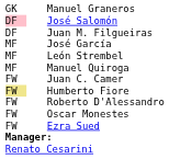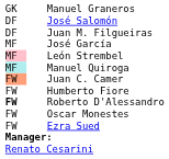 <table style="font-size:90%; margin:0.2em auto;" cellspacing="0" cellpadding="0">
 <tr>
 <th width="25"></th>
 <th width="25"></th>
 </tr>
 <tr>
 <td>GK</td>
 <td></td>
 <td> Manuel Graneros</td>
 </tr>
 <tr>
-<td style="background: pink;">DF</td>
+<td>DF</td>
 <td></td>
 <td> <a href='#'>José Salomón</a></td>
 </tr>
 <tr>
 <td>DF</td>
 <td></td>
 <td> Juan M. Filgueiras</td>
 </tr>
 <tr>
 <td>MF</td>
 <td></td>
 <td> José García</td>
 </tr>
 <tr>
-<td>MF</td>
+<td style="background: pink;">MF</td>
 <td></td>
 <td> León Strembel</td>
 </tr>
 <tr>
-<td>MF</td>
+<td style="background: paleturquoise;">MF</td>
 <td></td>
 <td> Manuel Quiroga</td>
 </tr>
 <tr>
-<td>FW</td>
+<td style="background: lightsalmon;">FW</td>
 <td></td>
 <td> Juan C. Camer</td>
 </tr>
 <tr>
-<td style="background: khaki;">FW</td>
+<td>FW</td>
 <td></td>
 <td> Humberto Fiore</td>
 </tr>
 <tr>
-<td>FW</td>
+<td><strong>FW</strong></td>
 <td></td>
 <td> Roberto D'Alessandro</td>
 </tr>
 <tr>
 <td>FW</td>
 <td></td>
 <td> Oscar Monestes</td>
 </tr>
 <tr>
 <td>FW</td>
 <td></td>
 <td> <a href='#'>Ezra Sued</a></td>
 </tr>
 <tr>
 <td colspan=3><strong>Manager:</strong></td>
 </tr>
 <tr>
 <td colspan=4> <a href='#'>Renato Cesarini</a></td>
 </tr>
 </table>
